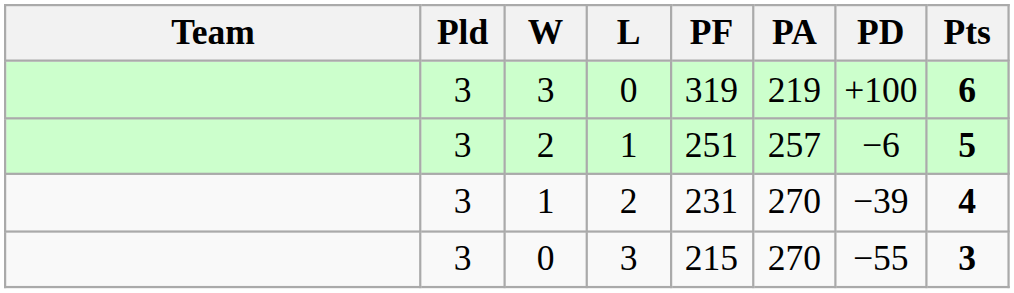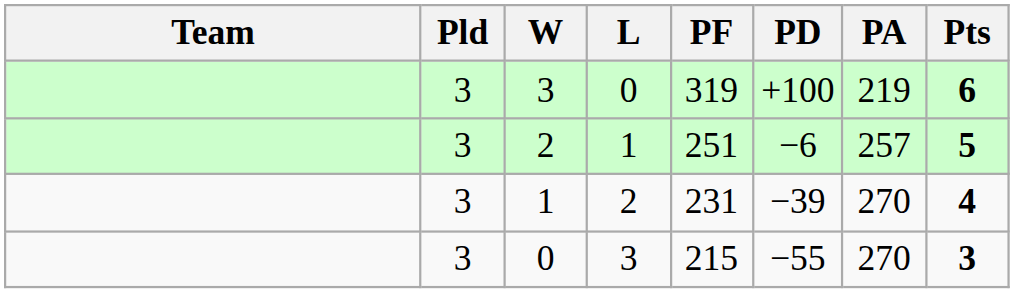 <table class=wikitable style="text-align:center">
 <tr>
 <th width=180>Team</th>
 <th width=30>Pld</th>
 <th width=30>W</th>
 <th width=30>L</th>
 <th width=30>PF</th>
+<th width=30>PD</th>
 <th width=30>PA</th>
-<th width=30>PD</th>
 <th width=30>Pts</th>
 </tr>
 <tr bgcolor="#ccffcc">
 <td align="left"></td>
 <td>3</td>
 <td>3</td>
 <td>0</td>
 <td>319</td>
+<td>+100</td>
 <td>219</td>
-<td>+100</td>
 <td><strong>6</strong></td>
 </tr>
 <tr bgcolor="#ccffcc">
 <td align="left"></td>
 <td>3</td>
 <td>2</td>
 <td>1</td>
 <td>251</td>
+<td>−6</td>
 <td>257</td>
-<td>−6</td>
 <td><strong>5</strong></td>
 </tr>
 <tr>
 <td align="left"></td>
 <td>3</td>
 <td>1</td>
 <td>2</td>
 <td>231</td>
+<td>−39</td>
 <td>270</td>
-<td>−39</td>
 <td><strong>4</strong></td>
 </tr>
 <tr>
 <td align="left"></td>
 <td>3</td>
 <td>0</td>
 <td>3</td>
 <td>215</td>
+<td>−55</td>
 <td>270</td>
-<td>−55</td>
 <td><strong>3</strong></td>
 </tr>
 </table>
